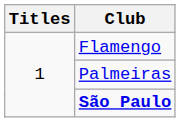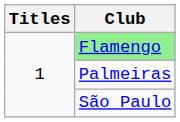 <table class="wikitable sortable">
 <tr>
 <th>Titles</th>
 <th>Club</th>
 </tr>
 <tr>
 <td align=center rowspan=3>1</td>
-<td><a href='#'>Flamengo</a></td>
+<td style="background: lightgreen;"><a href='#'>Flamengo</a></td>
 </tr>
 <tr>
 <td><a href='#'>Palmeiras</a></td>
 </tr>
 <tr>
-<td><strong><a href='#'>São Paulo</a></strong></td>
+<td><a href='#'>São Paulo</a></td>
 </tr>
 </table>
